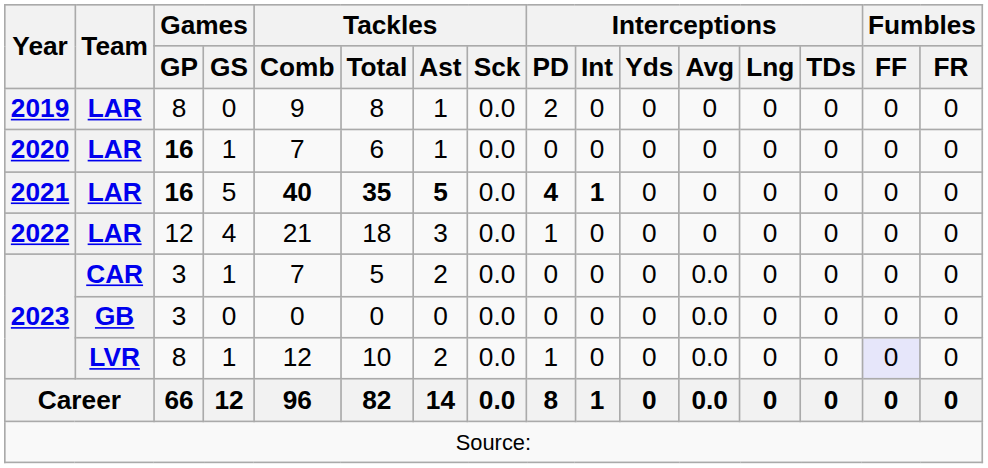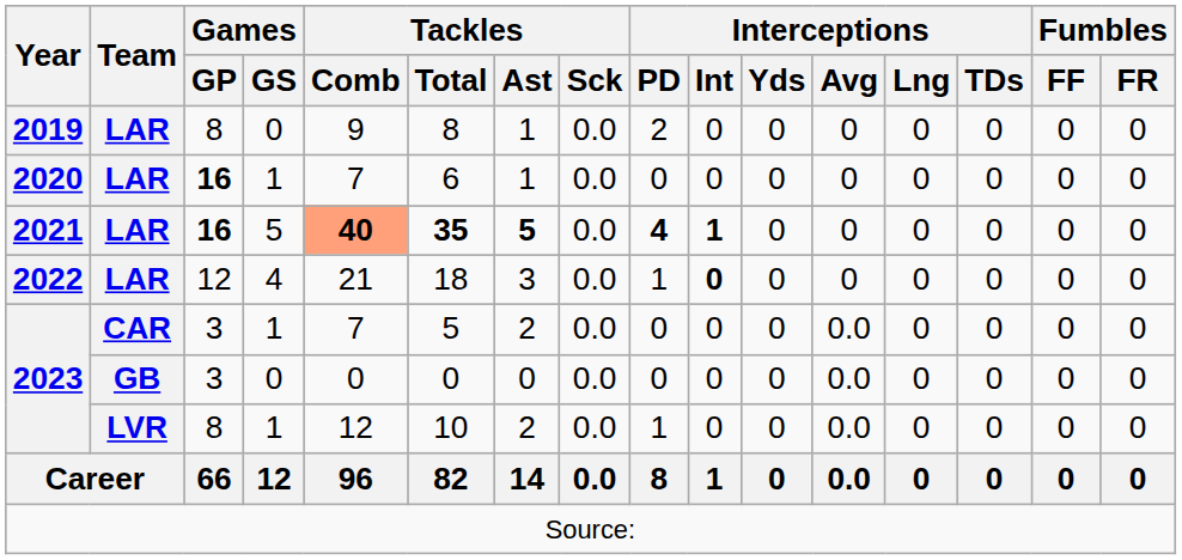 <table class="wikitable" style="text-align: center;">
 <tr>
 <th rowspan="2">Year</th>
 <th rowspan="2">Team</th>
 <th colspan="2">Games</th>
 <th colspan="4">Tackles</th>
 <th colspan="6">Interceptions</th>
 <th colspan="2">Fumbles</th>
 </tr>
 <tr>
 <th>GP</th>
 <th>GS</th>
 <th>Comb</th>
 <th>Total</th>
 <th>Ast</th>
 <th>Sck</th>
 <th>PD</th>
 <th>Int</th>
 <th>Yds</th>
 <th>Avg</th>
 <th>Lng</th>
 <th>TDs</th>
 <th>FF</th>
 <th>FR</th>
 </tr>
 <tr>
 <th><a href='#'>2019</a></th>
 <th><a href='#'>LAR</a></th>
 <td>8</td>
 <td>0</td>
 <td>9</td>
 <td>8</td>
 <td>1</td>
 <td>0.0</td>
 <td>2</td>
 <td>0</td>
 <td>0</td>
 <td>0</td>
 <td>0</td>
 <td>0</td>
 <td>0</td>
 <td>0</td>
 </tr>
 <tr>
 <th><a href='#'>2020</a></th>
 <th><a href='#'>LAR</a></th>
 <td><strong>16</strong></td>
 <td>1</td>
 <td>7</td>
 <td>6</td>
 <td>1</td>
 <td>0.0</td>
 <td>0</td>
 <td>0</td>
 <td>0</td>
 <td>0</td>
 <td>0</td>
 <td>0</td>
 <td>0</td>
 <td>0</td>
 </tr>
 <tr>
 <th><a href='#'>2021</a></th>
 <th><a href='#'>LAR</a></th>
 <td><strong>16</strong></td>
 <td>5</td>
-<td><strong>40</strong></td>
+<td style="background: lightsalmon;"><strong>40</strong></td>
 <td><strong>35</strong></td>
 <td><strong>5</strong></td>
 <td>0.0</td>
 <td><strong>4</strong></td>
 <td><strong>1</strong></td>
 <td>0</td>
 <td>0</td>
 <td>0</td>
 <td>0</td>
 <td>0</td>
 <td>0</td>
 </tr>
 <tr>
 <th><a href='#'>2022</a></th>
 <th><a href='#'>LAR</a></th>
 <td>12</td>
 <td>4</td>
 <td>21</td>
 <td>18</td>
 <td>3</td>
 <td>0.0</td>
 <td>1</td>
-<td>0</td>
+<td><strong>0</strong></td>
 <td>0</td>
 <td>0</td>
 <td>0</td>
 <td>0</td>
 <td>0</td>
 <td>0</td>
 </tr>
 <tr>
 <th rowspan=3><a href='#'>2023</a></th>
 <th><a href='#'>CAR</a></th>
 <td>3</td>
 <td>1</td>
 <td>7</td>
 <td>5</td>
 <td>2</td>
 <td>0.0</td>
 <td>0</td>
 <td>0</td>
 <td>0</td>
 <td>0.0</td>
 <td>0</td>
 <td>0</td>
 <td>0</td>
 <td>0</td>
 </tr>
 <tr>
 <th><a href='#'>GB</a></th>
 <td>3</td>
 <td>0</td>
 <td>0</td>
 <td>0</td>
 <td>0</td>
 <td>0.0</td>
 <td>0</td>
 <td>0</td>
 <td>0</td>
 <td>0.0</td>
 <td>0</td>
 <td>0</td>
 <td>0</td>
 <td>0</td>
 </tr>
 <tr>
 <th><a href='#'>LVR</a></th>
 <td>8</td>
 <td>1</td>
 <td>12</td>
 <td>10</td>
 <td>2</td>
 <td>0.0</td>
 <td>1</td>
 <td>0</td>
 <td>0</td>
 <td>0.0</td>
 <td>0</td>
 <td>0</td>
-<td style="background: lavender;">0</td>
+<td>0</td>
 <td>0</td>
 </tr>
 <tr>
 <th colspan="2">Career</th>
 <th>66</th>
 <th>12</th>
 <th>96</th>
 <th>82</th>
 <th>14</th>
 <th>0.0</th>
 <th>8</th>
 <th>1</th>
 <th>0</th>
 <th>0.0</th>
 <th>0</th>
 <th>0</th>
 <th>0</th>
 <th>0</th>
 </tr>
 <tr>
 <td colspan="18"><small>Source: </small></td>
 </tr>
 </table>
